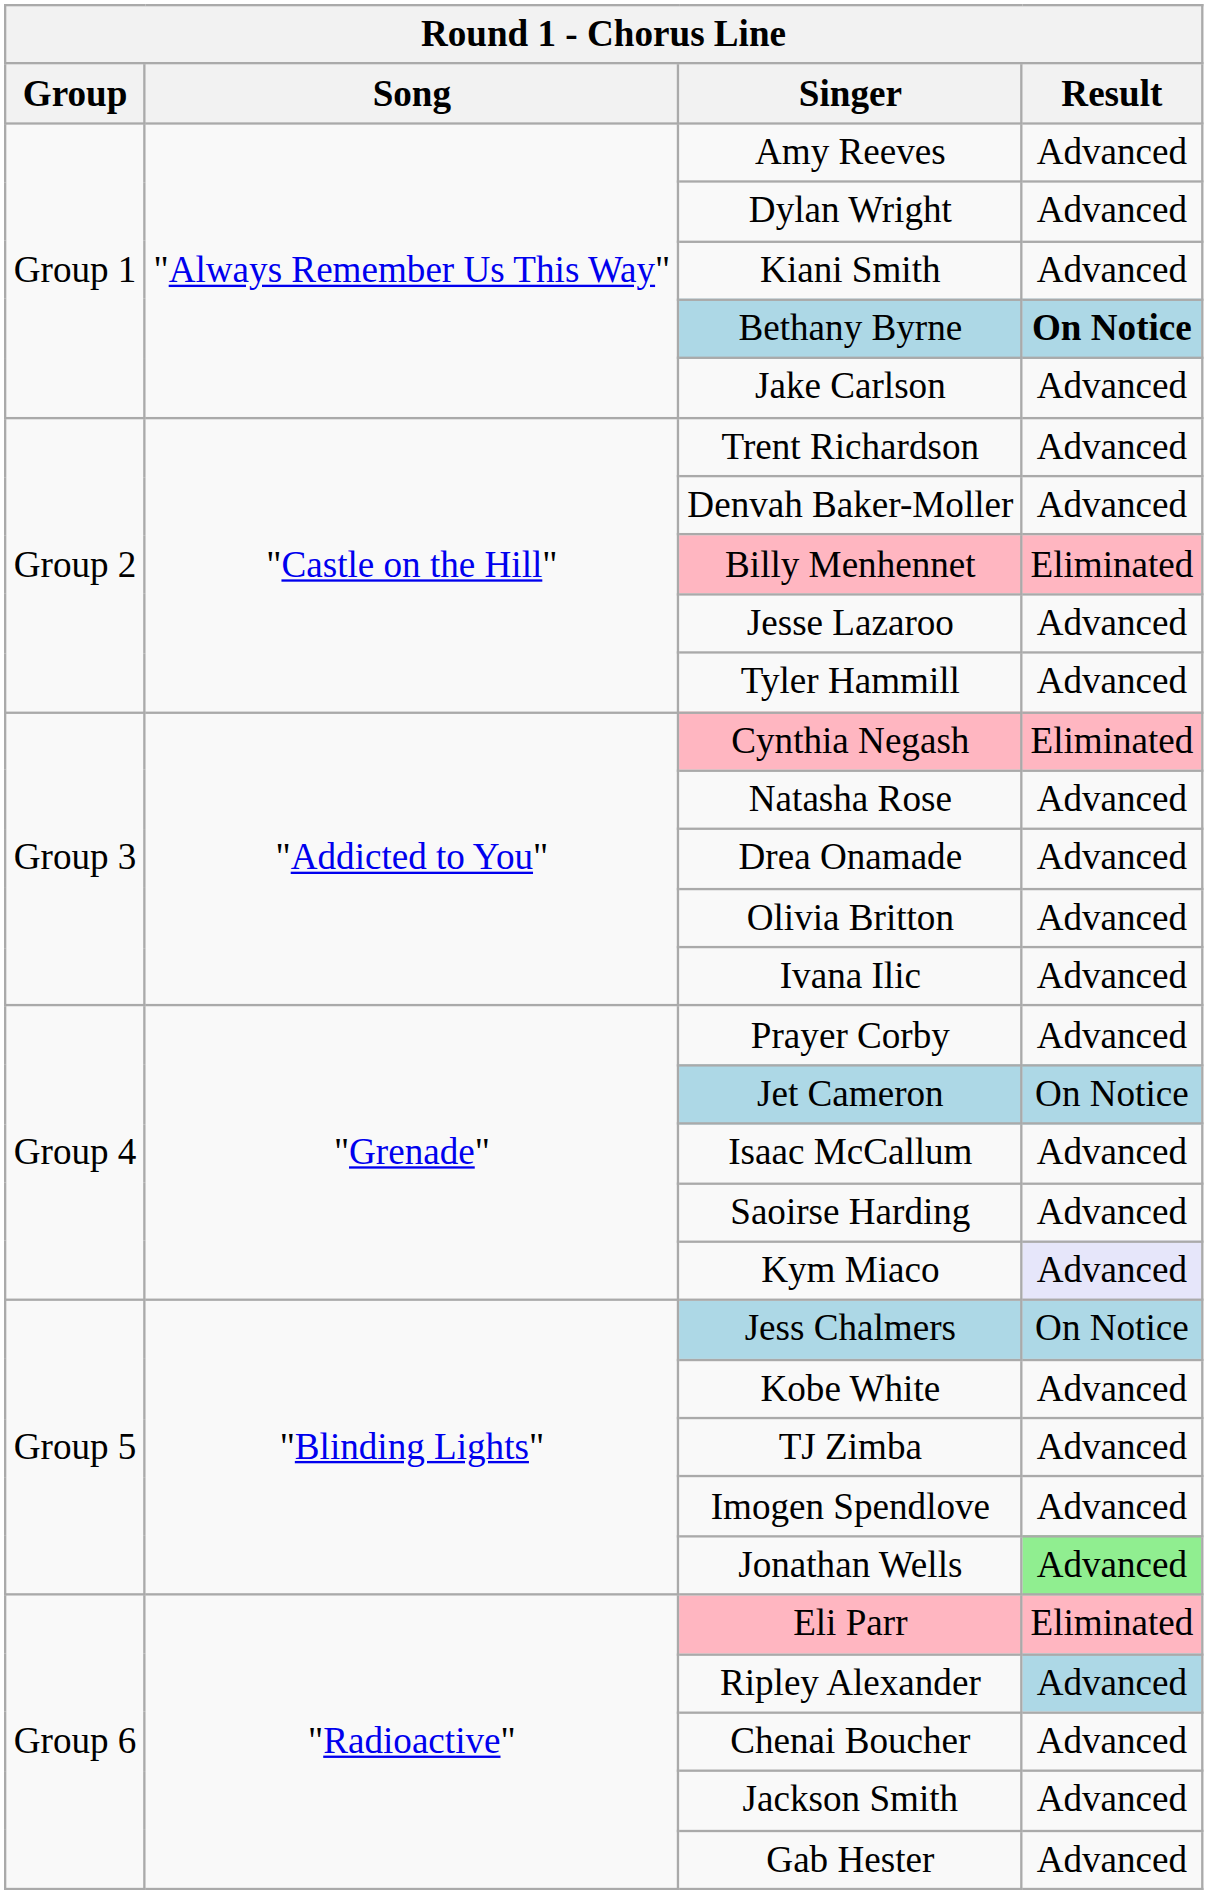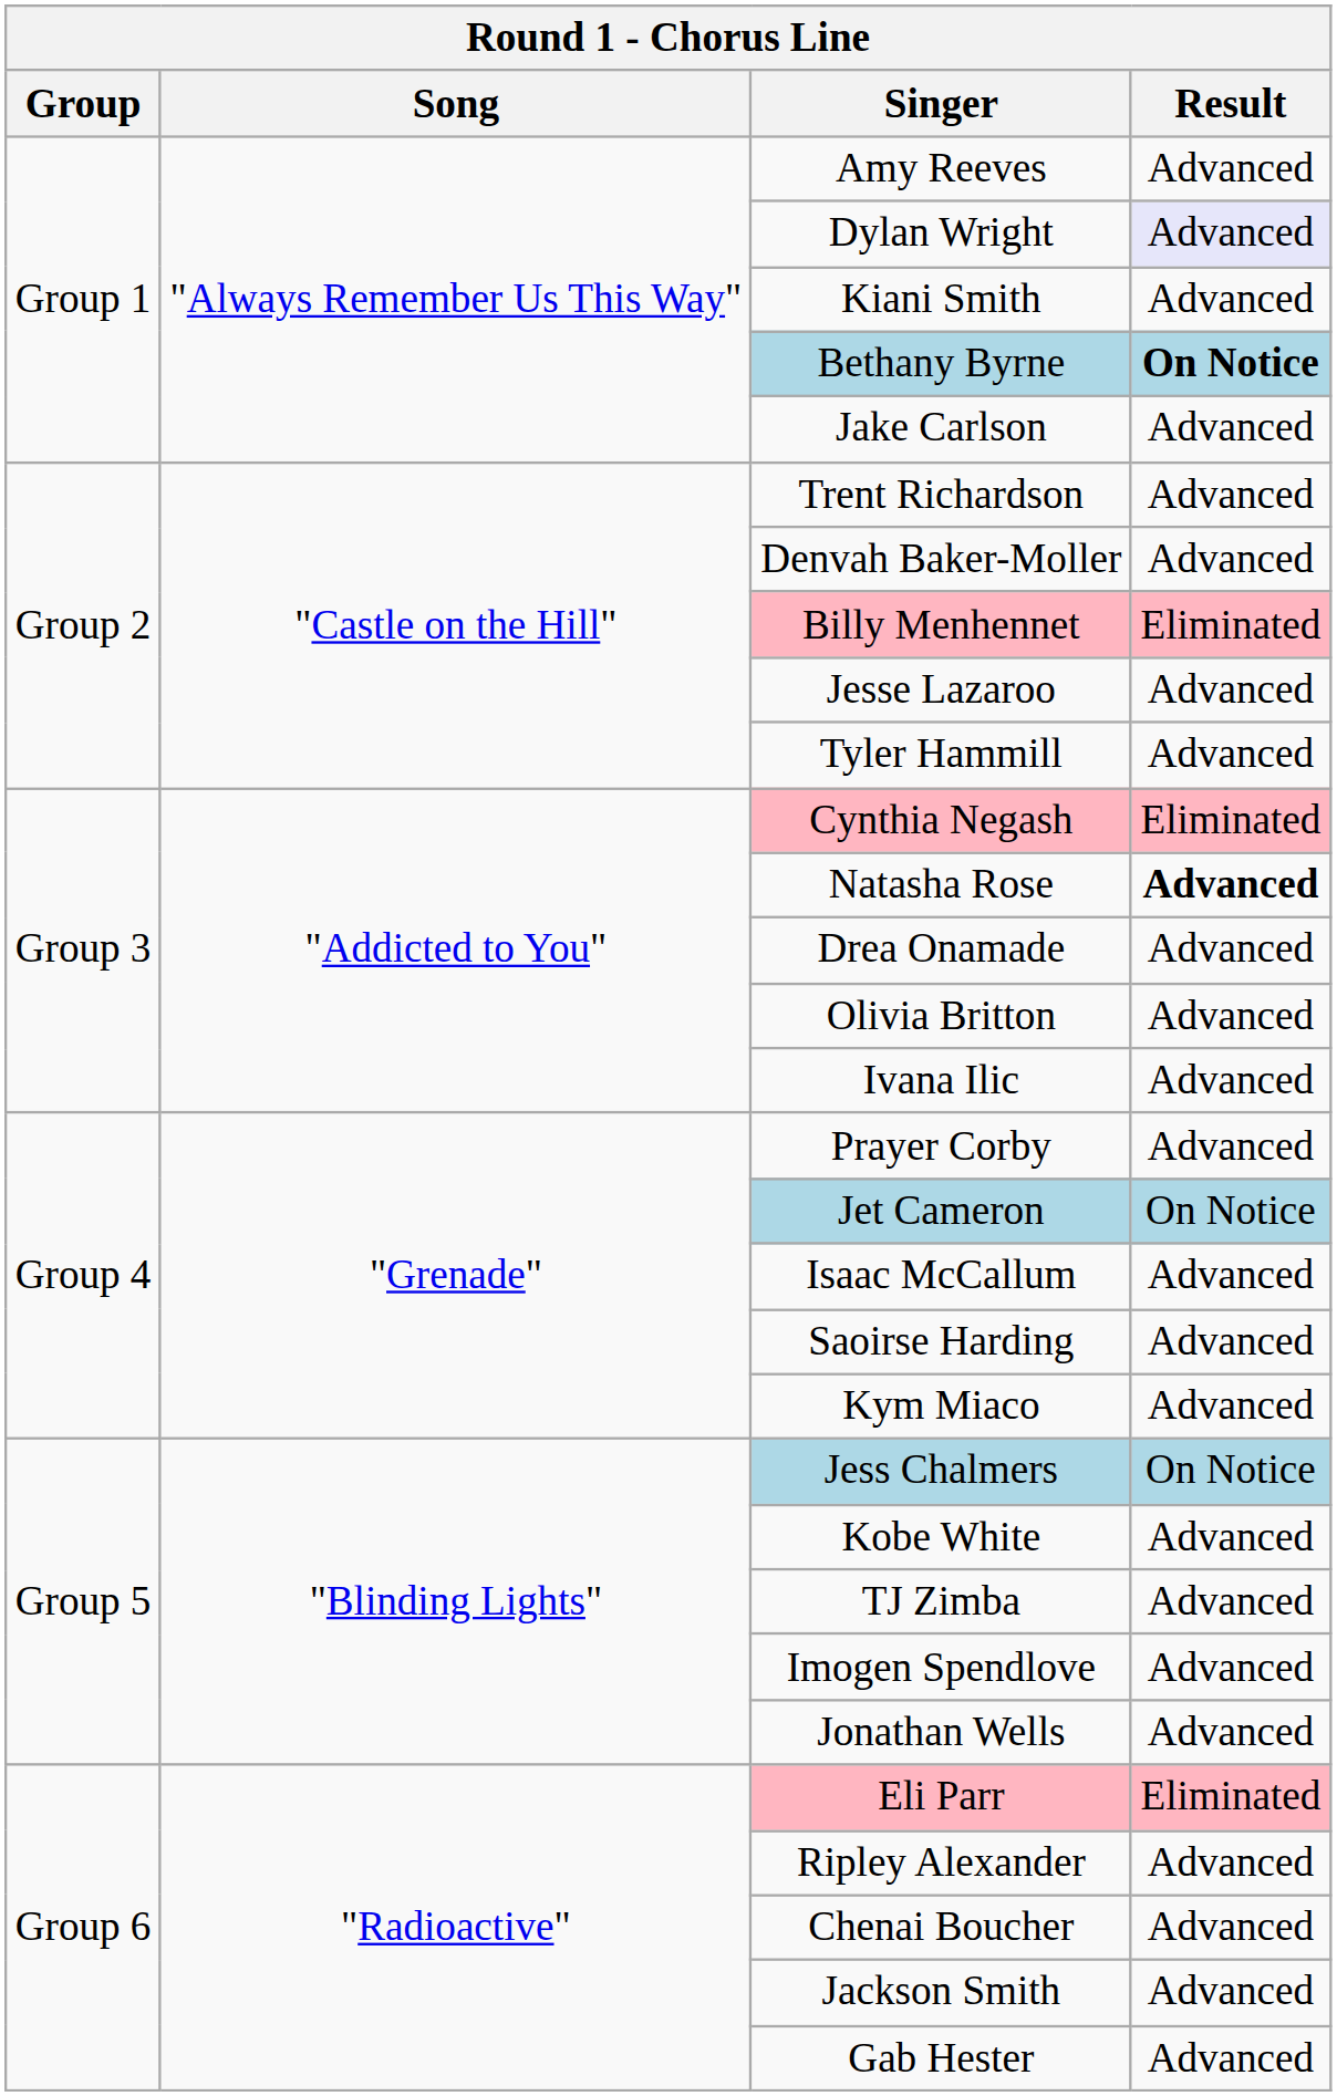 <table class="wikitable plainrowheaders" style="text-align:center;">
 <tr>
 <th colspan=4>Round 1 - Chorus Line</th>
 </tr>
 <tr>
 <th scope="col">Group</th>
 <th scope="col">Song</th>
 <th scope="col">Singer</th>
 <th scope="col">Result</th>
 </tr>
 <tr>
 <td rowspan="5">Group 1</td>
 <td rowspan="5">"<a href='#'>Always Remember Us This Way</a>"</td>
 <td>Amy Reeves</td>
 <td>Advanced</td>
 </tr>
 <tr>
 <td>Dylan Wright</td>
-<td>Advanced</td>
+<td style="background: lavender;">Advanced</td>
 </tr>
 <tr>
 <td>Kiani Smith</td>
 <td>Advanced</td>
 </tr>
 <tr>
 <td style="background-color:lightblue">Bethany Byrne</td>
 <td style="background-color:lightblue"><strong>On Notice</strong></td>
 </tr>
 <tr>
 <td>Jake Carlson</td>
 <td>Advanced</td>
 </tr>
 <tr>
 <td rowspan="5">Group 2</td>
 <td rowspan="5">"<a href='#'>Castle on the Hill</a>"</td>
 <td>Trent Richardson</td>
 <td>Advanced</td>
 </tr>
 <tr>
 <td>Denvah Baker-Moller</td>
 <td>Advanced</td>
 </tr>
 <tr>
 <td style="background-color:lightpink">Billy Menhennet</td>
 <td style="background-color:lightpink">Eliminated</td>
 </tr>
 <tr>
 <td>Jesse Lazaroo</td>
 <td>Advanced</td>
 </tr>
 <tr>
 <td>Tyler Hammill</td>
 <td>Advanced</td>
 </tr>
 <tr>
 <td rowspan="5">Group 3</td>
 <td rowspan="5">"<a href='#'>Addicted to You</a>"</td>
 <td style="background-color:lightpink">Cynthia Negash</td>
 <td style="background-color:lightpink">Eliminated</td>
 </tr>
 <tr>
 <td>Natasha Rose</td>
-<td>Advanced</td>
+<td><strong>Advanced</strong></td>
 </tr>
 <tr>
 <td>Drea Onamade</td>
 <td>Advanced</td>
 </tr>
 <tr>
 <td>Olivia Britton</td>
 <td>Advanced</td>
 </tr>
 <tr>
 <td>Ivana Ilic</td>
 <td>Advanced</td>
 </tr>
 <tr>
 <td rowspan="5">Group 4</td>
 <td rowspan="5">"<a href='#'>Grenade</a>"</td>
 <td>Prayer Corby</td>
 <td>Advanced</td>
 </tr>
 <tr>
 <td style="background-color:lightblue">Jet Cameron</td>
 <td style="background-color:lightblue">On Notice</td>
 </tr>
 <tr>
 <td>Isaac McCallum</td>
 <td>Advanced</td>
 </tr>
 <tr>
 <td>Saoirse Harding</td>
 <td>Advanced</td>
 </tr>
 <tr>
 <td>Kym Miaco</td>
-<td style="background: lavender;">Advanced</td>
+<td>Advanced</td>
 </tr>
 <tr>
 <td rowspan="5">Group 5</td>
 <td rowspan="5">"<a href='#'>Blinding Lights</a>"</td>
 <td style="background-color:lightblue">Jess Chalmers</td>
 <td style="background-color:lightblue">On Notice</td>
 </tr>
 <tr>
 <td>Kobe White</td>
 <td>Advanced</td>
 </tr>
 <tr>
 <td>TJ Zimba</td>
 <td>Advanced</td>
 </tr>
 <tr>
 <td>Imogen Spendlove</td>
 <td>Advanced</td>
 </tr>
 <tr>
 <td>Jonathan Wells</td>
-<td style="background: lightgreen;">Advanced</td>
+<td>Advanced</td>
 </tr>
 <tr>
 <td rowspan="5">Group 6</td>
 <td rowspan="5">"<a href='#'>Radioactive</a>"</td>
 <td style="background-color:lightpink">Eli Parr</td>
 <td style="background-color:lightpink">Eliminated</td>
 </tr>
 <tr>
 <td>Ripley Alexander</td>
-<td style="background: lightblue;">Advanced</td>
+<td>Advanced</td>
 </tr>
 <tr>
 <td>Chenai Boucher</td>
 <td>Advanced</td>
 </tr>
 <tr>
 <td>Jackson Smith</td>
 <td>Advanced</td>
 </tr>
 <tr>
 <td>Gab Hester</td>
 <td>Advanced</td>
 </tr>
 </table>
